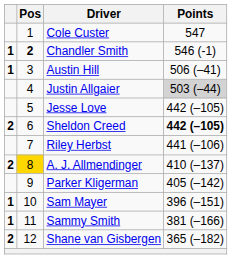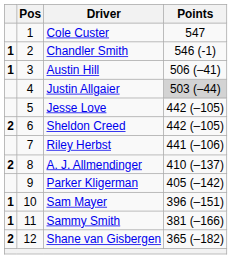 <table class="wikitable" style="font-size: 95%;">
 <tr>
 <th></th>
 <th>Pos</th>
 <th>Driver</th>
 <th>Points</th>
 </tr>
 <tr>
 <td align="left"></td>
 <td style="text-align:center;">1</td>
 <td><a href='#'>Cole Custer</a></td>
 <td style="text-align:center;">547</td>
 </tr>
 <tr>
 <td align="left"> <strong>1</strong></td>
-<td style="text-align:center;"><strong>2</strong></td>
+<td style="text-align:center;">2</td>
 <td><a href='#'>Chandler Smith</a></td>
 <td style="text-align:center;">546 (-1)</td>
 </tr>
 <tr>
 <td align="left"> <strong>1</strong></td>
 <td style="text-align:center;">3</td>
 <td><a href='#'>Austin Hill</a></td>
 <td style="text-align:center;">506 (–41)</td>
 </tr>
 <tr>
 <td align="left"></td>
 <td style="text-align:center;">4</td>
 <td><a href='#'>Justin Allgaier</a></td>
 <td style="background: lightgrey; text-align:center;">503 (–44)</td>
 </tr>
 <tr>
 <td align="left"></td>
 <td style="text-align:center;">5</td>
 <td><a href='#'>Jesse Love</a></td>
 <td style="text-align:center;">442 (–105)</td>
 </tr>
 <tr>
 <td align="left"> <strong>2</strong></td>
 <td style="text-align:center;">6</td>
 <td><a href='#'>Sheldon Creed</a></td>
-<td style="text-align:center;"><strong>442 (–105)</strong></td>
+<td style="text-align:center;">442 (–105)</td>
 </tr>
 <tr>
 <td align="left"></td>
 <td style="text-align:center;">7</td>
 <td><a href='#'>Riley Herbst</a></td>
 <td style="text-align:center;">441 (–106)</td>
 </tr>
 <tr>
 <td align="left"> <strong>2</strong></td>
-<td style="background: gold; text-align:center;">8</td>
+<td style="text-align:center;">8</td>
 <td><a href='#'>A. J. Allmendinger</a></td>
 <td style="text-align:center;">410 (–137)</td>
 </tr>
 <tr>
 <td align="left"></td>
 <td style="text-align:center;">9</td>
 <td><a href='#'>Parker Kligerman</a></td>
 <td style="text-align:center;">405 (–142)</td>
 </tr>
 <tr>
 <td align="left"> <strong>1</strong></td>
 <td style="text-align:center;">10</td>
 <td><a href='#'>Sam Mayer</a></td>
 <td style="text-align:center;">396 (–151)</td>
 </tr>
 <tr>
 <td align="left"> <strong>1</strong></td>
 <td style="text-align:center;">11</td>
 <td><a href='#'>Sammy Smith</a></td>
 <td style="text-align:center;">381 (–166)</td>
 </tr>
 <tr>
 <td align="left"> <strong>2</strong></td>
 <td style="text-align:center;">12</td>
 <td><a href='#'>Shane van Gisbergen</a></td>
 <td style="text-align:center;">365 (–182)</td>
 </tr>
 <tr class="sortbottom">
 <th colspan="9"></th>
 </tr>
 </table>
